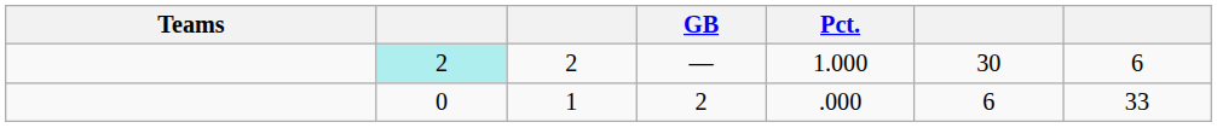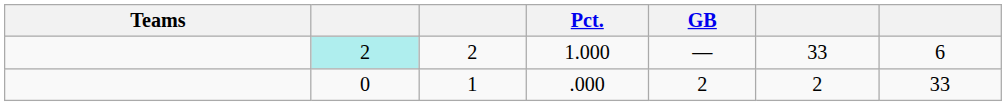 <table class="wikitable" width="50%" style="text-align:center;">
 <tr>
 <th width="20%">Teams</th>
 <th width="7%"></th>
 <th width="7%"></th>
+<th width="8%"><a href='#'>Pct.</a></th>
 <th width="7%"><a href='#'>GB</a></th>
-<th width="8%"><a href='#'>Pct.</a></th>
 <th width="8%"></th>
 <th width="8%"></th>
 </tr>
 <tr>
 <td align=left></td>
 <td style="background: paleturquoise;">2</td>
 <td>2</td>
+<td>1.000</td>
 <td>—</td>
-<td>1.000</td>
-<td>30</td>
+<td>33</td>
 <td>6</td>
 </tr>
 <tr>
 <td align=left></td>
 <td>0</td>
 <td>1</td>
+<td>.000</td>
 <td>2</td>
-<td>.000</td>
-<td>6</td>
+<td>2</td>
 <td>33</td>
 </tr>
 </table>
